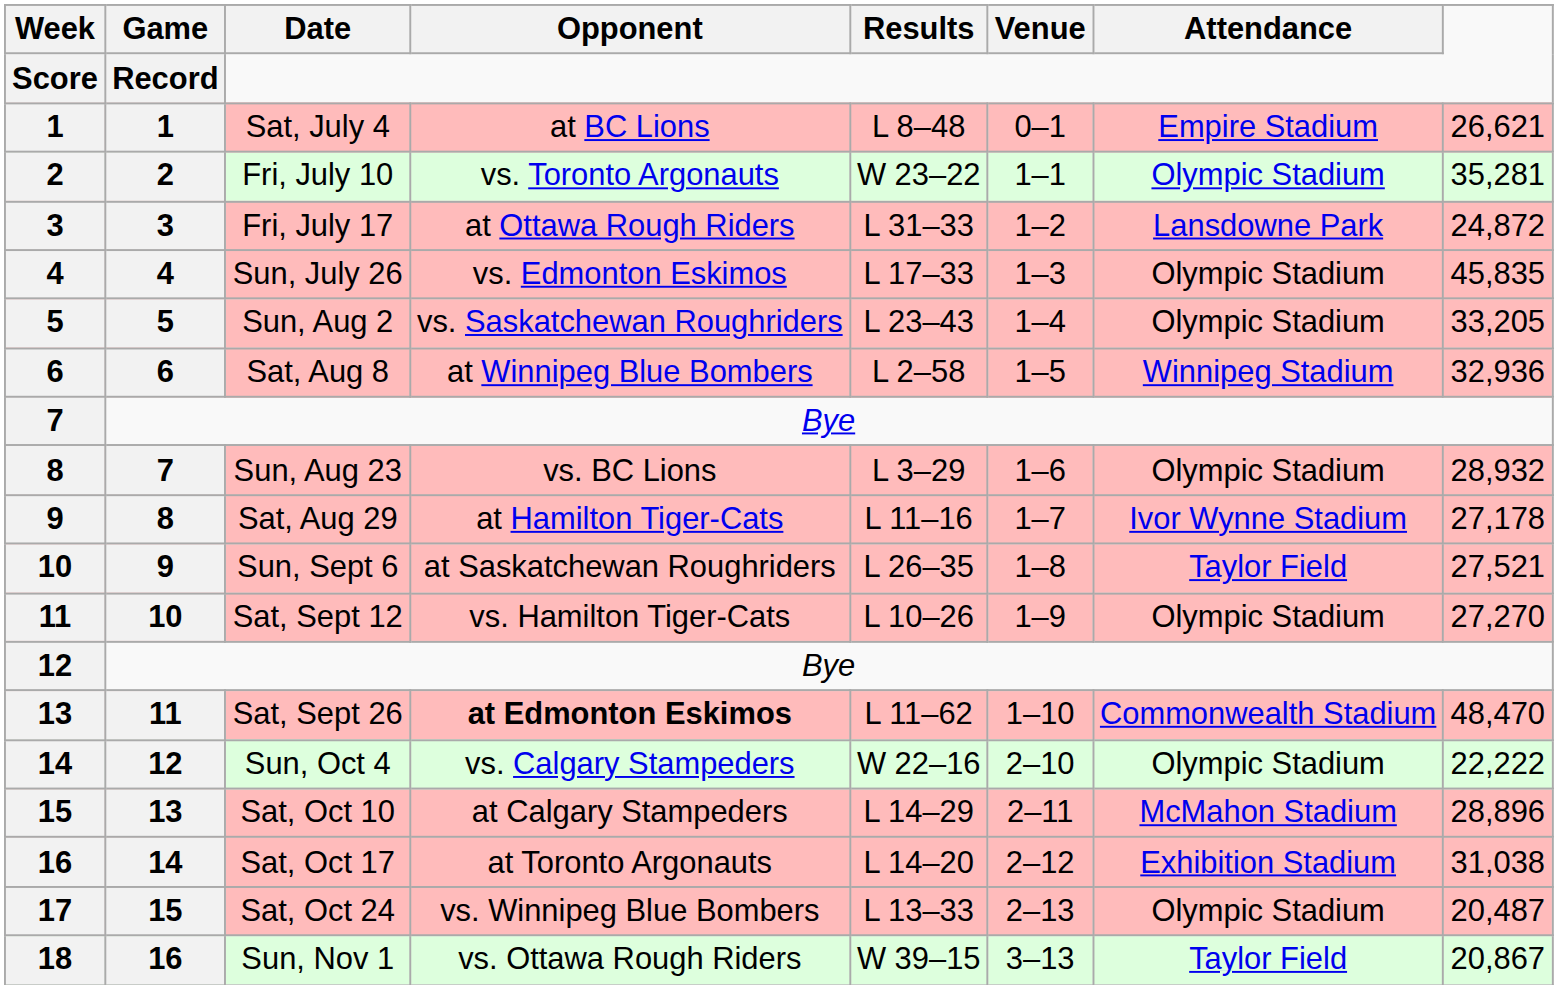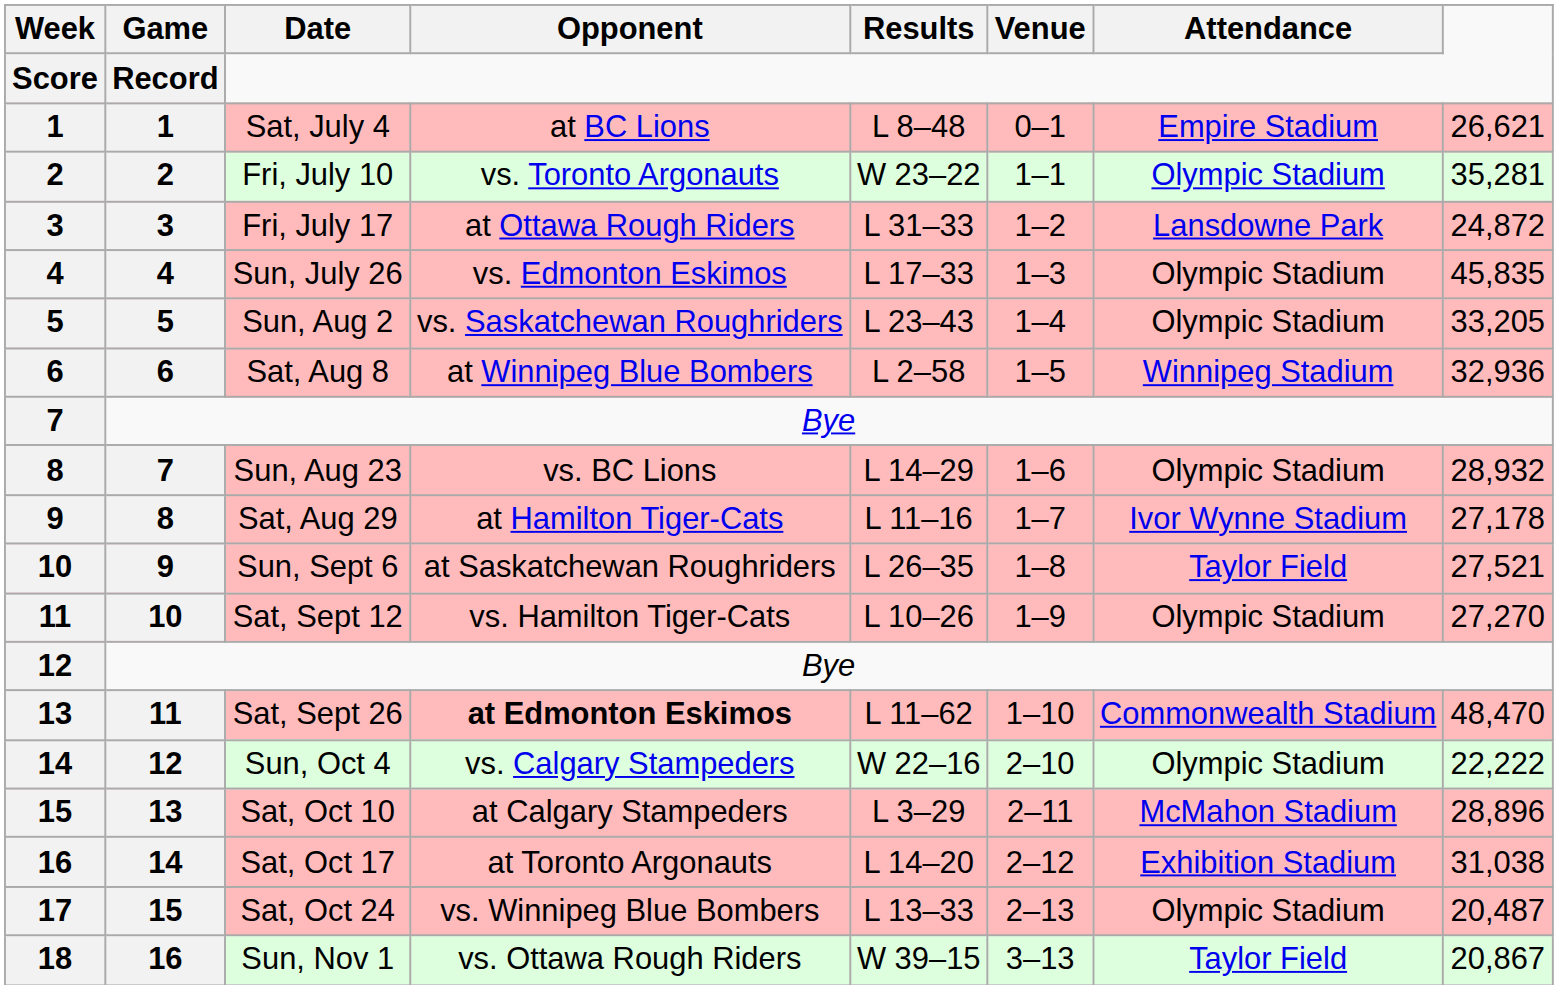 <table class="wikitable" style="text-align:center">
 <tr>
 <th>Week</th>
 <th>Game</th>
 <th>Date</th>
 <th>Opponent</th>
 <th>Results</th>
 <th>Venue</th>
 <th>Attendance</th>
 </tr>
 <tr>
 <th>Score</th>
 <th>Record</th>
 </tr>
 <tr style="background:#ffbbbb">
 <th>1</th>
 <th>1</th>
 <td>Sat, July 4</td>
 <td>at <a href='#'>BC Lions</a></td>
 <td>L 8–48</td>
 <td>0–1</td>
 <td><a href='#'>Empire Stadium</a></td>
 <td>26,621</td>
 </tr>
 <tr style="background:#ddffdd">
 <th>2</th>
 <th>2</th>
 <td>Fri, July 10</td>
 <td>vs. <a href='#'>Toronto Argonauts</a></td>
 <td>W 23–22</td>
 <td>1–1</td>
 <td><a href='#'>Olympic Stadium</a></td>
 <td>35,281</td>
 </tr>
 <tr style="background:#ffbbbb">
 <th>3</th>
 <th>3</th>
 <td>Fri, July 17</td>
 <td>at <a href='#'>Ottawa Rough Riders</a></td>
 <td>L 31–33</td>
 <td>1–2</td>
 <td><a href='#'>Lansdowne Park</a></td>
 <td>24,872</td>
 </tr>
 <tr style="background:#ffbbbb">
 <th>4</th>
 <th>4</th>
 <td>Sun, July 26</td>
 <td>vs. <a href='#'>Edmonton Eskimos</a></td>
 <td>L 17–33</td>
 <td>1–3</td>
 <td>Olympic Stadium</td>
 <td>45,835</td>
 </tr>
 <tr style="background:#ffbbbb">
 <th>5</th>
 <th>5</th>
 <td>Sun, Aug 2</td>
 <td>vs. <a href='#'>Saskatchewan Roughriders</a></td>
 <td>L 23–43</td>
 <td>1–4</td>
 <td>Olympic Stadium</td>
 <td>33,205</td>
 </tr>
 <tr style="background:#ffbbbb">
 <th>6</th>
 <th>6</th>
 <td>Sat, Aug 8</td>
 <td>at <a href='#'>Winnipeg Blue Bombers</a></td>
 <td>L 2–58</td>
 <td>1–5</td>
 <td><a href='#'>Winnipeg Stadium</a></td>
 <td>32,936</td>
 </tr>
 <tr>
 <th>7</th>
 <td colspan=7><em><a href='#'>Bye</a></em></td>
 </tr>
 <tr style="background:#ffbbbb">
 <th>8</th>
 <th>7</th>
 <td>Sun, Aug 23</td>
 <td>vs. BC Lions</td>
-<td>L 3–29</td>
+<td>L 14–29</td>
 <td>1–6</td>
 <td>Olympic Stadium</td>
 <td>28,932</td>
 </tr>
 <tr style="background:#ffbbbb">
 <th>9</th>
 <th>8</th>
 <td>Sat, Aug 29</td>
 <td>at <a href='#'>Hamilton Tiger-Cats</a></td>
 <td>L 11–16</td>
 <td>1–7</td>
 <td><a href='#'>Ivor Wynne Stadium</a></td>
 <td>27,178</td>
 </tr>
 <tr style="background:#ffbbbb">
 <th>10</th>
 <th>9</th>
 <td>Sun, Sept 6</td>
 <td>at Saskatchewan Roughriders</td>
 <td>L 26–35</td>
 <td>1–8</td>
 <td><a href='#'>Taylor Field</a></td>
 <td>27,521</td>
 </tr>
 <tr style="background:#ffbbbb">
 <th>11</th>
 <th>10</th>
 <td>Sat, Sept 12</td>
 <td>vs. Hamilton Tiger-Cats</td>
 <td>L 10–26</td>
 <td>1–9</td>
 <td>Olympic Stadium</td>
 <td>27,270</td>
 </tr>
 <tr>
 <th>12</th>
 <td colspan=7><em>Bye</em></td>
 </tr>
 <tr style="background:#ffbbbb">
 <th>13</th>
 <th>11</th>
 <td>Sat, Sept 26</td>
 <td><strong>at Edmonton Eskimos</strong></td>
 <td>L 11–62</td>
 <td>1–10</td>
 <td><a href='#'>Commonwealth Stadium</a></td>
 <td>48,470</td>
 </tr>
 <tr style="background:#ddffdd">
 <th>14</th>
 <th>12</th>
 <td>Sun, Oct 4</td>
 <td>vs. <a href='#'>Calgary Stampeders</a></td>
 <td>W 22–16</td>
 <td>2–10</td>
 <td>Olympic Stadium</td>
 <td>22,222</td>
 </tr>
 <tr style="background:#ffbbbb">
 <th>15</th>
 <th>13</th>
 <td>Sat, Oct 10</td>
 <td>at Calgary Stampeders</td>
-<td>L 14–29</td>
+<td>L 3–29</td>
 <td>2–11</td>
 <td><a href='#'>McMahon Stadium</a></td>
 <td>28,896</td>
 </tr>
 <tr style="background:#ffbbbb">
 <th>16</th>
 <th>14</th>
 <td>Sat, Oct 17</td>
 <td>at Toronto Argonauts</td>
 <td>L 14–20</td>
 <td>2–12</td>
 <td><a href='#'>Exhibition Stadium</a></td>
 <td>31,038</td>
 </tr>
 <tr style="background:#ffbbbb">
 <th>17</th>
 <th>15</th>
 <td>Sat, Oct 24</td>
 <td>vs. Winnipeg Blue Bombers</td>
 <td>L 13–33</td>
 <td>2–13</td>
 <td>Olympic Stadium</td>
 <td>20,487</td>
 </tr>
 <tr style="background:#ddffdd">
 <th>18</th>
 <th>16</th>
 <td>Sun, Nov 1</td>
 <td>vs. Ottawa Rough Riders</td>
 <td>W 39–15</td>
 <td>3–13</td>
 <td><a href='#'>Taylor Field</a></td>
 <td>20,867</td>
 </tr>
 </table>
